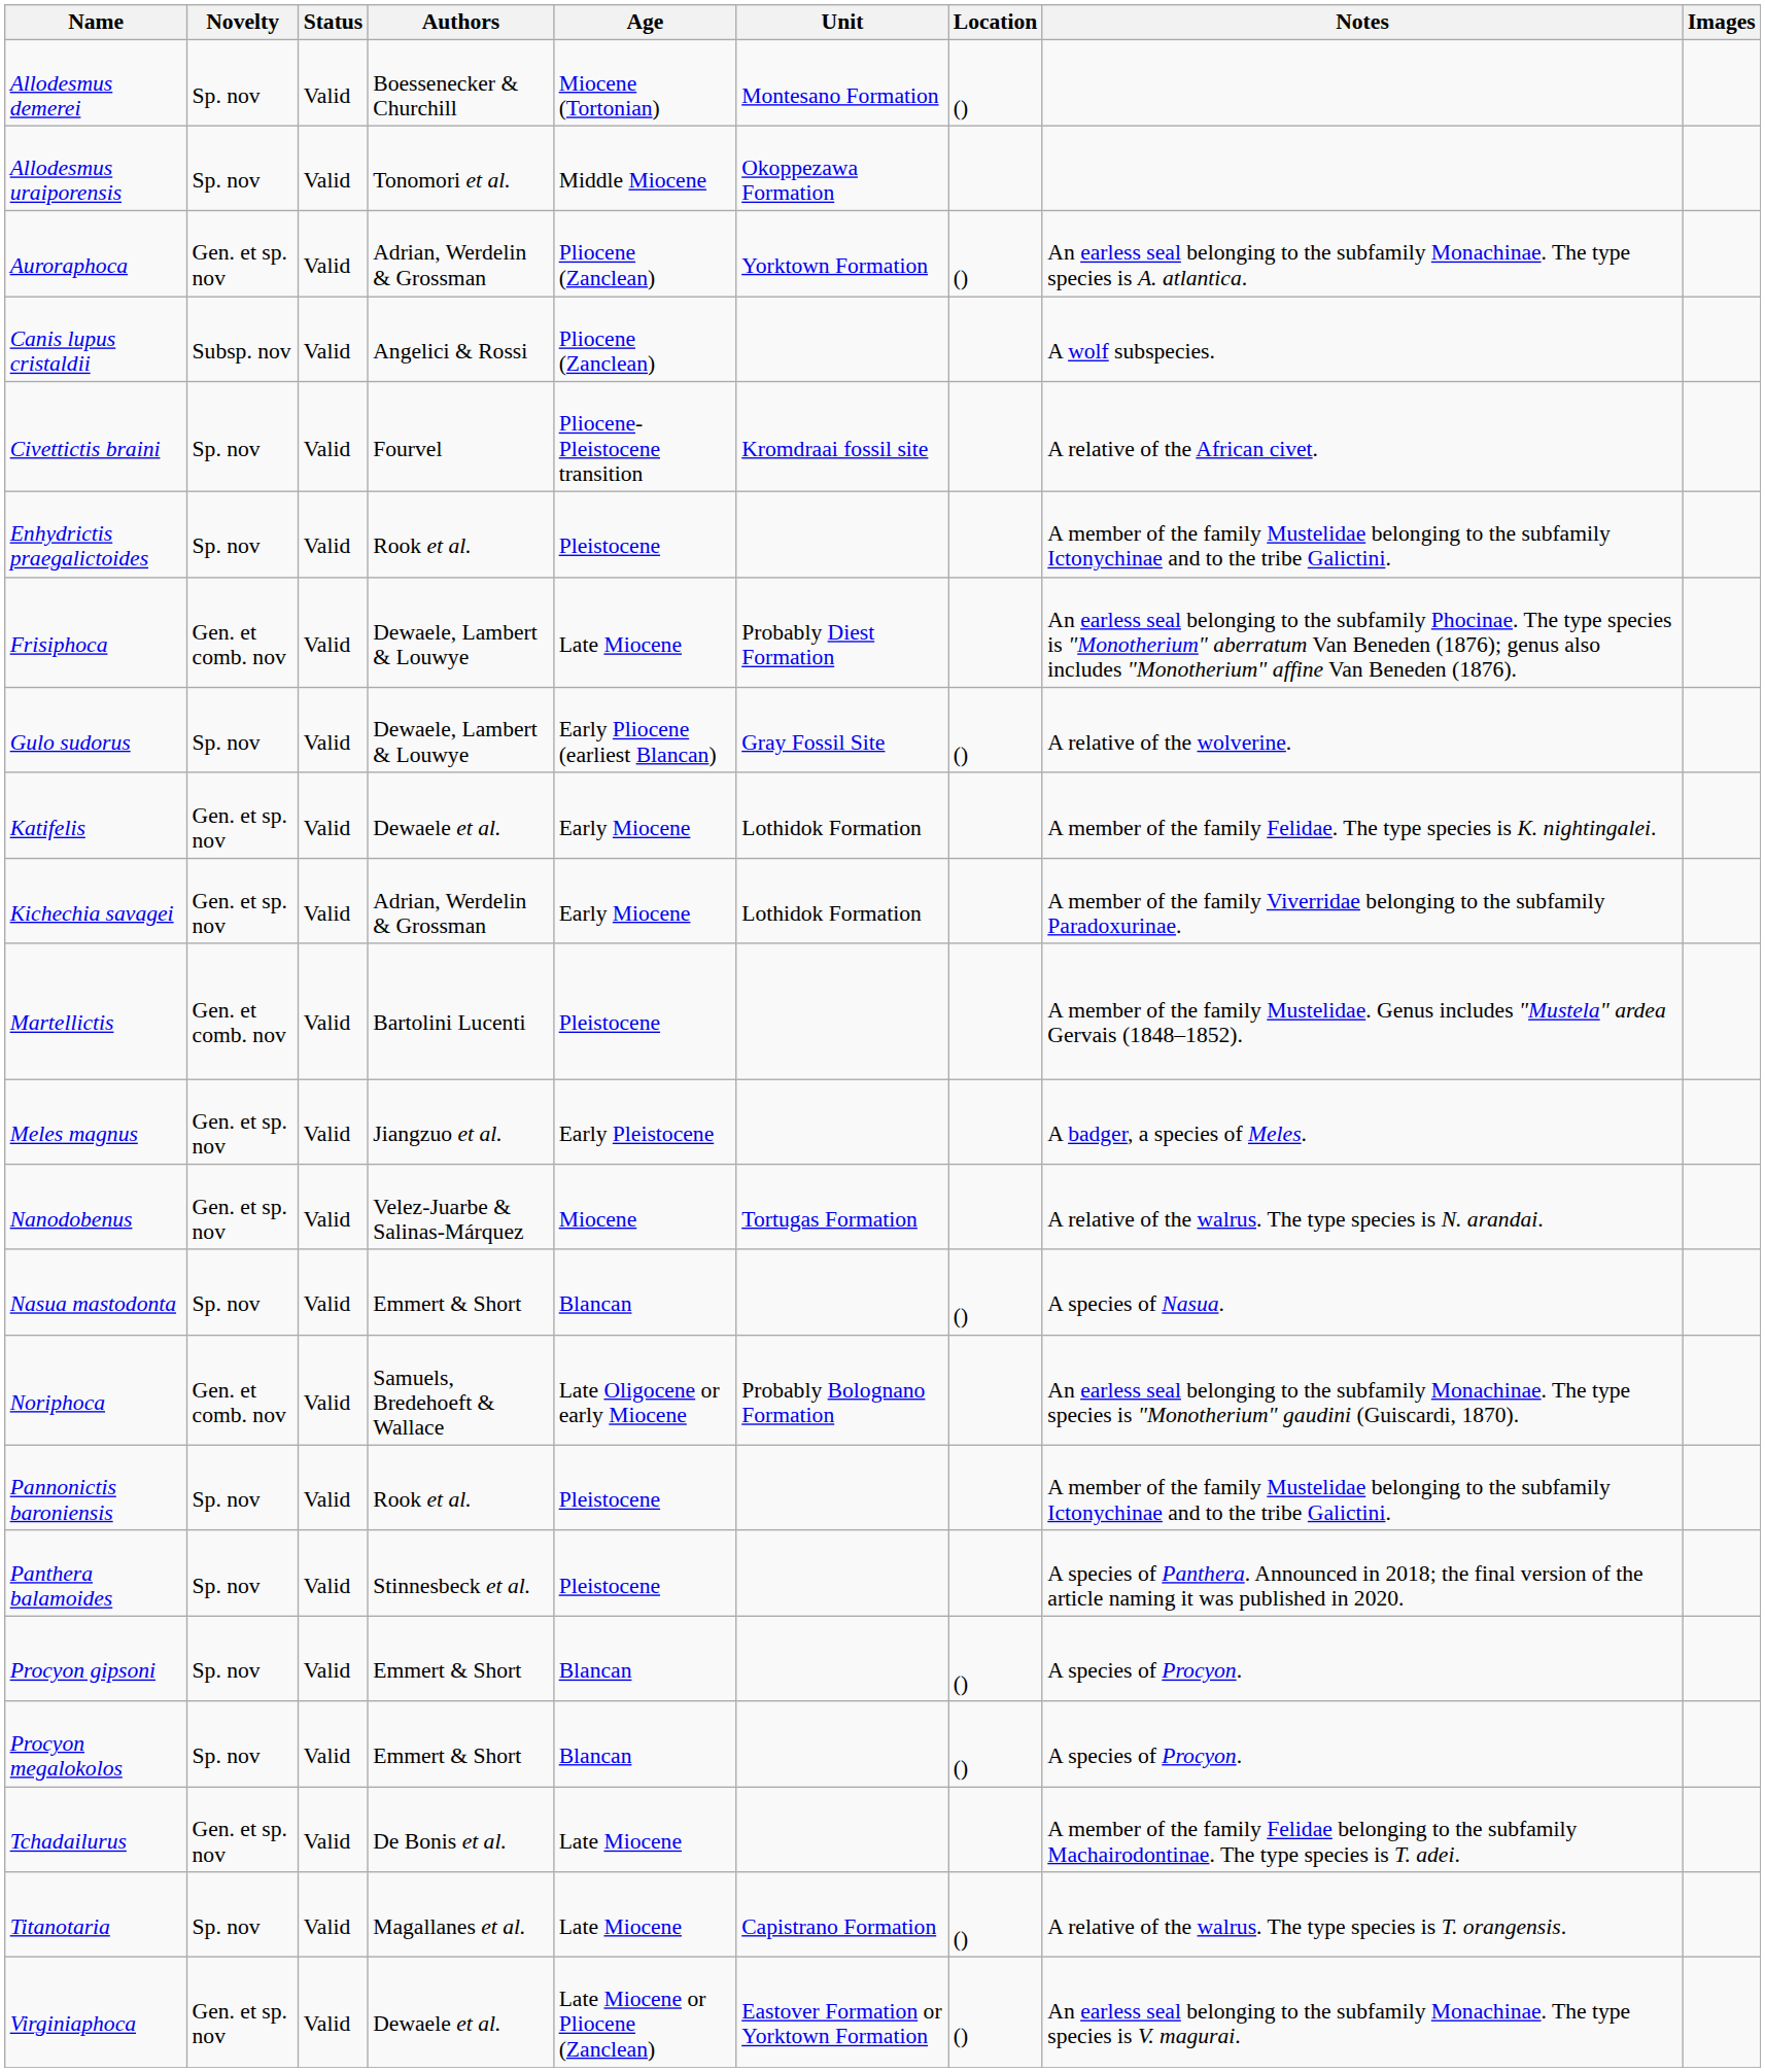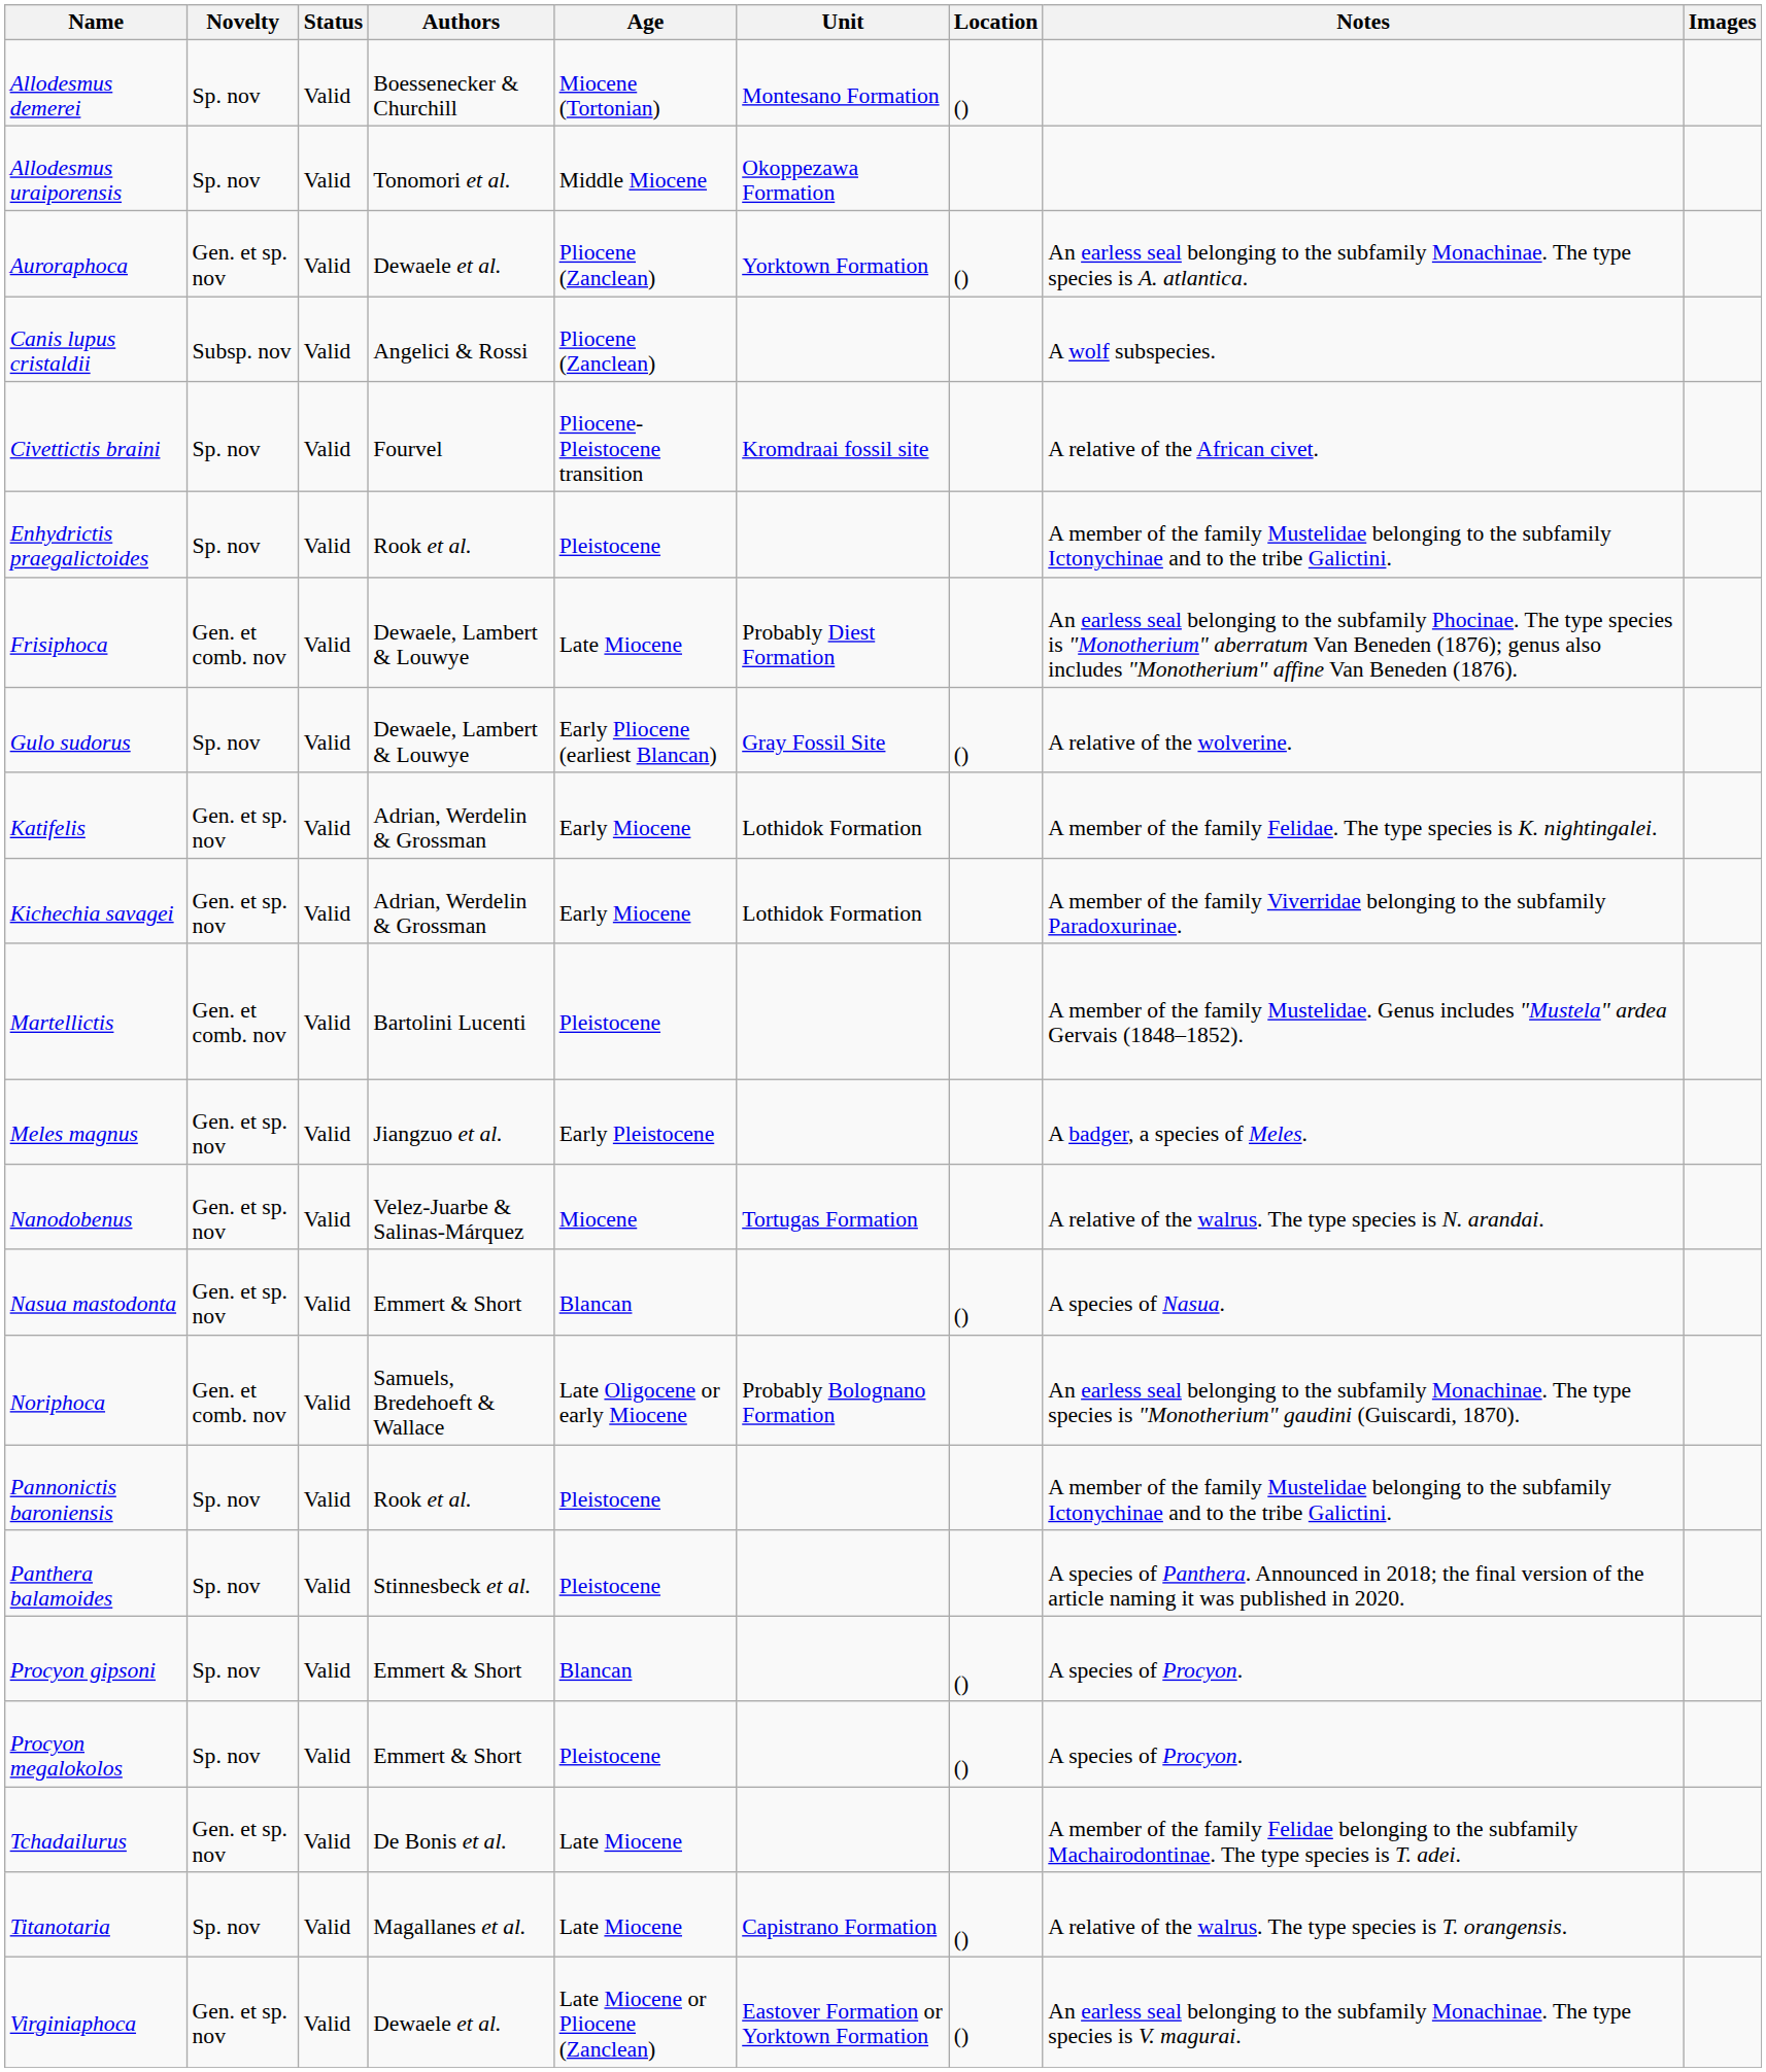 <table class="wikitable sortable" align="center" width="100%">
 <tr>
 <th>Name</th>
 <th>Novelty</th>
 <th>Status</th>
 <th>Authors</th>
 <th>Age</th>
 <th>Unit</th>
 <th>Location</th>
 <th>Notes</th>
 <th>Images</th>
 </tr>
 <tr>
 <td><br><em><a href='#'>Allodesmus demerei</a></em></td>
 <td><br>Sp. nov</td>
 <td><br>Valid</td>
 <td><br>Boessenecker & Churchill</td>
 <td><br><a href='#'>Miocene</a> (<a href='#'>Tortonian</a>)</td>
 <td><br><a href='#'>Montesano Formation</a></td>
 <td><br><br>()</td>
 <td></td>
 <td></td>
 </tr>
 <tr>
 <td><br><em><a href='#'>Allodesmus uraiporensis</a></em></td>
 <td><br>Sp. nov</td>
 <td><br>Valid</td>
 <td><br>Tonomori <em>et al.</em></td>
 <td><br>Middle <a href='#'>Miocene</a></td>
 <td><br><a href='#'>Okoppezawa Formation</a></td>
 <td><br></td>
 <td></td>
 <td></td>
 </tr>
 <tr>
 <td><br><em><a href='#'>Auroraphoca</a></em></td>
 <td><br>Gen. et sp. nov</td>
 <td><br>Valid</td>
-<td><br>Adrian, Werdelin & Grossman</td>
+<td><br>Dewaele <em>et al.</em></td>
 <td><br><a href='#'>Pliocene</a> (<a href='#'>Zanclean</a>)</td>
 <td><br><a href='#'>Yorktown Formation</a></td>
 <td><br><br>()</td>
 <td><br>An <a href='#'>earless seal</a> belonging to the subfamily <a href='#'>Monachinae</a>. The type species is <em>A. atlantica</em>.</td>
 <td></td>
 </tr>
 <tr>
 <td><br><em><a href='#'>Canis lupus cristaldii</a></em></td>
 <td><br>Subsp. nov</td>
 <td><br>Valid</td>
 <td><br>Angelici & Rossi</td>
 <td><br><a href='#'>Pliocene</a> (<a href='#'>Zanclean</a>)</td>
 <td></td>
 <td><br></td>
 <td><br>A <a href='#'>wolf</a> subspecies.</td>
 <td></td>
 </tr>
 <tr>
 <td><br><em><a href='#'>Civettictis braini</a></em></td>
 <td><br>Sp. nov</td>
 <td><br>Valid</td>
 <td><br>Fourvel</td>
 <td><br><a href='#'>Pliocene</a>-<a href='#'>Pleistocene</a> transition</td>
 <td><br><a href='#'>Kromdraai fossil site</a></td>
 <td><br></td>
 <td><br>A relative of the <a href='#'>African civet</a>.</td>
 <td></td>
 </tr>
 <tr>
 <td><br><em><a href='#'>Enhydrictis praegalictoides</a></em></td>
 <td><br>Sp. nov</td>
 <td><br>Valid</td>
 <td><br>Rook <em>et al.</em></td>
 <td><br><a href='#'>Pleistocene</a></td>
 <td></td>
 <td><br></td>
 <td><br>A member of the family <a href='#'>Mustelidae</a> belonging to the subfamily <a href='#'>Ictonychinae</a> and to the tribe <a href='#'>Galictini</a>.</td>
 <td></td>
 </tr>
 <tr>
 <td><br><em><a href='#'>Frisiphoca</a></em></td>
 <td><br>Gen. et comb. nov</td>
 <td><br>Valid</td>
 <td><br>Dewaele, Lambert & Louwye</td>
 <td><br>Late <a href='#'>Miocene</a></td>
 <td><br>Probably <a href='#'>Diest Formation</a></td>
 <td><br></td>
 <td><br>An <a href='#'>earless seal</a> belonging to the subfamily <a href='#'>Phocinae</a>. The type species is <em>"<a href='#'>Monotherium</a>" aberratum</em> Van Beneden (1876); genus also includes <em>"Monotherium" affine</em> Van Beneden (1876).</td>
 <td></td>
 </tr>
 <tr>
 <td><br><em><a href='#'>Gulo sudorus</a></em></td>
 <td><br>Sp. nov</td>
 <td><br>Valid</td>
 <td><br>Dewaele, Lambert & Louwye</td>
 <td><br>Early <a href='#'>Pliocene</a> (earliest <a href='#'>Blancan</a>)</td>
 <td><br><a href='#'>Gray Fossil Site</a></td>
 <td><br><br>()</td>
 <td><br>A relative of the <a href='#'>wolverine</a>.</td>
 <td></td>
 </tr>
 <tr>
 <td><br><em><a href='#'>Katifelis</a></em></td>
 <td><br>Gen. et sp. nov</td>
 <td><br>Valid</td>
-<td><br>Dewaele <em>et al.</em></td>
+<td><br>Adrian, Werdelin & Grossman</td>
 <td><br>Early <a href='#'>Miocene</a></td>
 <td><br>Lothidok Formation</td>
 <td><br></td>
 <td><br>A member of the family <a href='#'>Felidae</a>. The type species is <em>K. nightingalei</em>.</td>
 <td></td>
 </tr>
 <tr>
 <td><br><em><a href='#'>Kichechia savagei</a></em></td>
 <td><br>Gen. et sp. nov</td>
 <td><br>Valid</td>
 <td><br>Adrian, Werdelin & Grossman</td>
 <td><br>Early <a href='#'>Miocene</a></td>
 <td><br>Lothidok Formation</td>
 <td><br></td>
 <td><br>A member of the family <a href='#'>Viverridae</a> belonging to the subfamily <a href='#'>Paradoxurinae</a>.</td>
 <td></td>
 </tr>
 <tr>
 <td><br><em><a href='#'>Martellictis</a></em></td>
 <td><br>Gen. et comb. nov</td>
 <td><br>Valid</td>
 <td><br>Bartolini Lucenti</td>
 <td><br><a href='#'>Pleistocene</a></td>
 <td></td>
 <td><br><br> <br> <br> <br> </td>
 <td><br>A member of the family <a href='#'>Mustelidae</a>. Genus includes <em>"<a href='#'>Mustela</a>" ardea</em> Gervais (1848–1852).</td>
 <td></td>
 </tr>
 <tr>
 <td><br><em><a href='#'>Meles magnus</a></em></td>
 <td><br>Gen. et sp. nov</td>
 <td><br>Valid</td>
 <td><br>Jiangzuo <em>et al.</em></td>
 <td><br>Early <a href='#'>Pleistocene</a></td>
 <td></td>
 <td><br></td>
 <td><br>A <a href='#'>badger</a>, a species of <em><a href='#'>Meles</a></em>.</td>
 <td></td>
 </tr>
 <tr>
 <td><br><em><a href='#'>Nanodobenus</a></em></td>
 <td><br>Gen. et sp. nov</td>
 <td><br>Valid</td>
 <td><br>Velez-Juarbe & Salinas-Márquez</td>
 <td><br><a href='#'>Miocene</a></td>
 <td><br><a href='#'>Tortugas Formation</a></td>
 <td><br></td>
 <td><br>A relative of the <a href='#'>walrus</a>. The type species is <em>N. arandai</em>.</td>
 <td></td>
 </tr>
 <tr>
 <td><br><em><a href='#'>Nasua mastodonta</a></em></td>
-<td><br>Sp. nov</td>
+<td><br>Gen. et sp. nov</td>
 <td><br>Valid</td>
 <td><br>Emmert & Short</td>
 <td><br><a href='#'>Blancan</a></td>
 <td></td>
 <td><br><br>()</td>
 <td><br>A species of <em><a href='#'>Nasua</a></em>.</td>
 <td></td>
 </tr>
 <tr>
 <td><br><em><a href='#'>Noriphoca</a></em></td>
 <td><br>Gen. et comb. nov</td>
 <td><br>Valid</td>
 <td><br>Samuels, Bredehoeft & Wallace</td>
 <td><br>Late <a href='#'>Oligocene</a> or early <a href='#'>Miocene</a></td>
 <td><br>Probably <a href='#'>Bolognano Formation</a></td>
 <td><br></td>
 <td><br>An <a href='#'>earless seal</a> belonging to the subfamily <a href='#'>Monachinae</a>. The type species is <em>"Monotherium" gaudini</em> (Guiscardi, 1870).</td>
 <td></td>
 </tr>
 <tr>
 <td><br><em><a href='#'>Pannonictis baroniensis</a></em></td>
 <td><br>Sp. nov</td>
 <td><br>Valid</td>
 <td><br>Rook <em>et al.</em></td>
 <td><br><a href='#'>Pleistocene</a></td>
 <td></td>
 <td><br></td>
 <td><br>A member of the family <a href='#'>Mustelidae</a> belonging to the subfamily <a href='#'>Ictonychinae</a> and to the tribe <a href='#'>Galictini</a>.</td>
 <td></td>
 </tr>
 <tr>
 <td><br><em><a href='#'>Panthera balamoides</a></em></td>
 <td><br>Sp. nov</td>
 <td><br>Valid</td>
 <td><br>Stinnesbeck <em>et al.</em></td>
 <td><br><a href='#'>Pleistocene</a></td>
 <td></td>
 <td><br></td>
 <td><br>A species of <em><a href='#'>Panthera</a></em>. Announced in 2018; the final version of the article naming it was published in 2020.</td>
 <td></td>
 </tr>
 <tr>
 <td><br><em><a href='#'>Procyon gipsoni</a></em></td>
 <td><br>Sp. nov</td>
 <td><br>Valid</td>
 <td><br>Emmert & Short</td>
 <td><br><a href='#'>Blancan</a></td>
 <td></td>
 <td><br><br>()</td>
 <td><br>A species of <em><a href='#'>Procyon</a></em>.</td>
 <td></td>
 </tr>
 <tr>
 <td><br><em><a href='#'>Procyon megalokolos</a></em></td>
 <td><br>Sp. nov</td>
 <td><br>Valid</td>
 <td><br>Emmert & Short</td>
-<td><br><a href='#'>Blancan</a></td>
+<td><br><a href='#'>Pleistocene</a></td>
 <td></td>
 <td><br><br>()</td>
 <td><br>A species of <em><a href='#'>Procyon</a></em>.</td>
 <td></td>
 </tr>
 <tr>
 <td><br><em><a href='#'>Tchadailurus</a></em></td>
 <td><br>Gen. et sp. nov</td>
 <td><br>Valid</td>
 <td><br>De Bonis <em>et al.</em></td>
 <td><br>Late <a href='#'>Miocene</a></td>
 <td></td>
 <td><br></td>
 <td><br>A member of the family <a href='#'>Felidae</a> belonging to the subfamily <a href='#'>Machairodontinae</a>. The type species is <em>T. adei</em>.</td>
 <td></td>
 </tr>
 <tr>
 <td><br><em><a href='#'>Titanotaria</a></em></td>
 <td><br>Sp. nov</td>
 <td><br>Valid</td>
 <td><br>Magallanes <em>et al.</em></td>
 <td><br>Late <a href='#'>Miocene</a></td>
 <td><br><a href='#'>Capistrano Formation</a></td>
 <td><br><br>()</td>
 <td><br>A relative of the <a href='#'>walrus</a>. The type species is <em>T. orangensis</em>.</td>
 <td></td>
 </tr>
 <tr>
 <td><br><em><a href='#'>Virginiaphoca</a></em></td>
 <td><br>Gen. et sp. nov</td>
 <td><br>Valid</td>
 <td><br>Dewaele <em>et al.</em></td>
 <td><br>Late <a href='#'>Miocene</a> or <a href='#'>Pliocene</a> (<a href='#'>Zanclean</a>)</td>
 <td><br><a href='#'>Eastover Formation</a> or <a href='#'>Yorktown Formation</a></td>
 <td><br><br>()</td>
 <td><br>An <a href='#'>earless seal</a> belonging to the subfamily <a href='#'>Monachinae</a>. The type species is <em>V. magurai</em>.</td>
 <td></td>
 </tr>
 <tr>
 </tr>
 </table>
